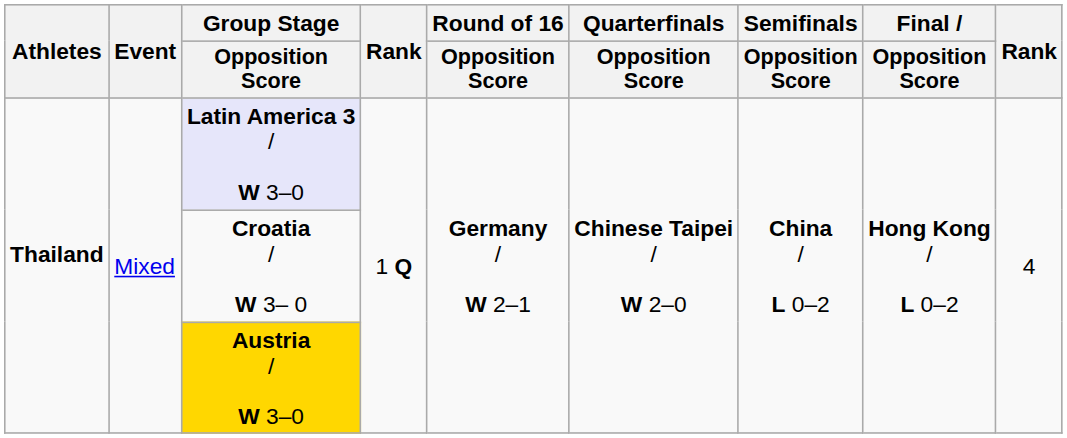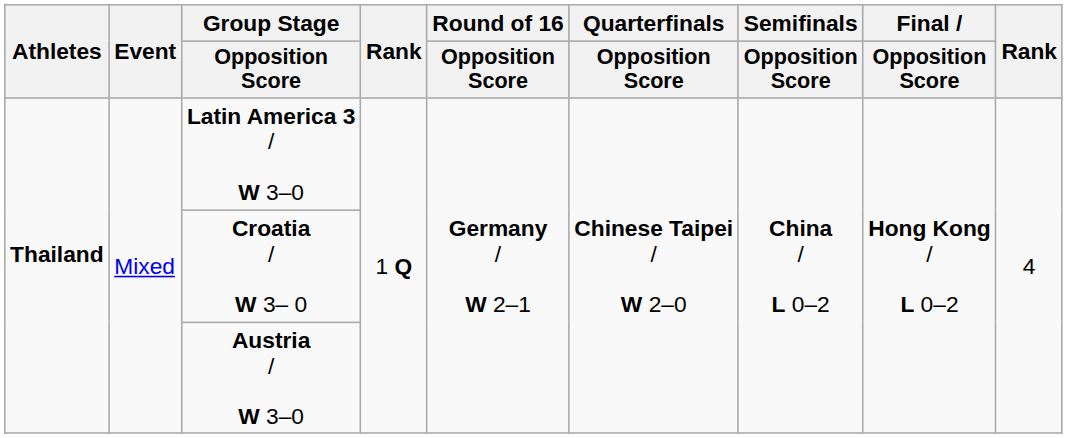 <table class=wikitable style="font-size:90%">
 <tr>
 <th rowspan="2">Athletes</th>
 <th rowspan="2">Event</th>
 <th>Group Stage</th>
 <th rowspan="2">Rank</th>
 <th>Round of 16</th>
 <th>Quarterfinals</th>
 <th>Semifinals</th>
 <th>Final / </th>
 <th rowspan=2>Rank</th>
 </tr>
 <tr style="font-size:95%">
 <th>Opposition<br>Score</th>
 <th>Opposition<br>Score</th>
 <th>Opposition<br>Score</th>
 <th>Opposition<br>Score</th>
 <th>Opposition<br>Score</th>
 </tr>
 <tr align=center>
 <td align=left rowspan=3><strong>Thailand</strong><br><br></td>
 <td align=left rowspan=3><a href='#'>Mixed</a></td>
-<td style="background: lavender;"><strong>Latin America 3</strong><br>/<br><br><strong>W</strong> 3–0</td>
+<td><strong>Latin America 3</strong><br>/<br><br><strong>W</strong> 3–0</td>
 <td rowspan=3>1 <strong>Q</strong></td>
 <td rowspan=3><strong>Germany</strong><br>/<br><br><strong>W</strong> 2–1</td>
 <td rowspan=3><strong>Chinese Taipei</strong><br>/<br><br><strong>W</strong> 2–0</td>
 <td rowspan=3><strong>China</strong><br>/<br><br><strong>L</strong> 0–2</td>
 <td rowspan=3><strong>Hong Kong</strong><br>/<br><br><strong>L</strong> 0–2</td>
 <td rowspan=3>4</td>
 </tr>
 <tr align=center>
 <td><strong>Croatia</strong><br>/<br><br><strong>W</strong> 3– 0</td>
 </tr>
 <tr align=center>
-<td style="background: gold;"><strong>Austria</strong><br>/<br><br><strong>W</strong> 3–0</td>
+<td><strong>Austria</strong><br>/<br><br><strong>W</strong> 3–0</td>
 </tr>
 </table>
